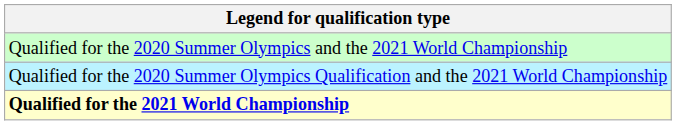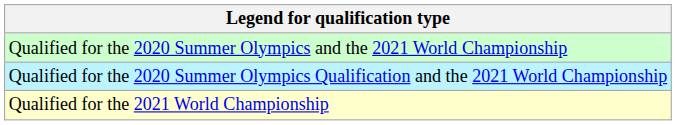 <table class="wikitable">
 <tr>
 <th>Legend for qualification type</th>
 </tr>
 <tr bgcolor=#ccffcc>
 <td>Qualified for the <a href='#'>2020 Summer Olympics</a> and the <a href='#'>2021 World Championship</a></td>
 </tr>
 <tr bgcolor="#bbf3ff">
 <td>Qualified for the <a href='#'>2020 Summer Olympics Qualification</a> and the <a href='#'>2021 World Championship</a></td>
 </tr>
 <tr bgcolor=#ffffcc>
-<td><strong>Qualified for the <a href='#'>2021 World Championship</a></strong></td>
+<td>Qualified for the <a href='#'>2021 World Championship</a></td>
 </tr>
 </table>
